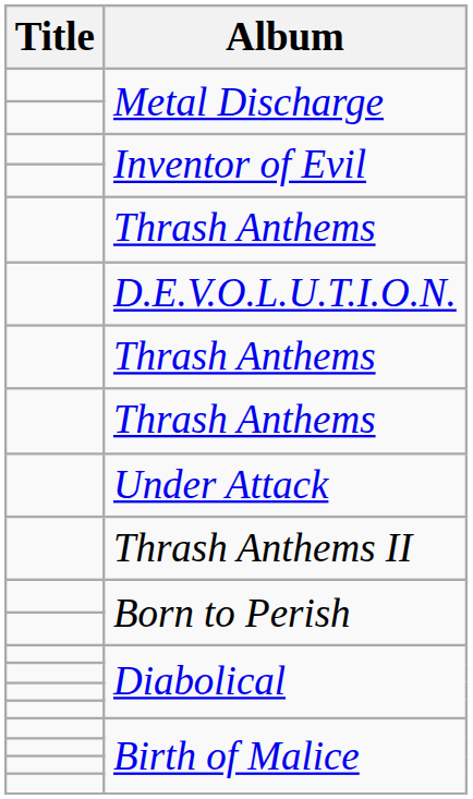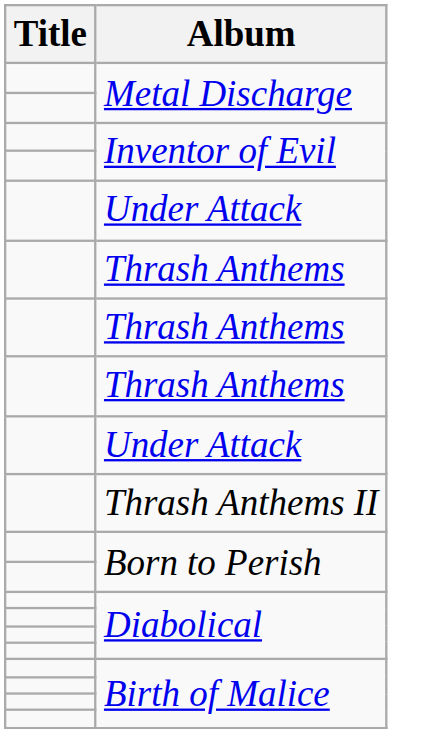 <table class="wikitable" border="2">
 <tr>
 <th>Title</th>
 <th>Album</th>
 </tr>
 <tr>
 <td></td>
 <td rowspan="2"><em><a href='#'>Metal Discharge</a></em></td>
 </tr>
 <tr>
 <td></td>
 </tr>
 <tr>
 <td></td>
 <td rowspan="2"><em><a href='#'>Inventor of Evil</a></em></td>
 </tr>
 <tr>
 <td></td>
 </tr>
 <tr>
 <td></td>
-<td><em><a href='#'>Thrash Anthems</a></em></td>
+<td><em><a href='#'>Under Attack</a></em></td>
 </tr>
 <tr>
 <td></td>
-<td><em><a href='#'>D.E.V.O.L.U.T.I.O.N.</a></em></td>
+<td><em><a href='#'>Thrash Anthems</a></em></td>
 </tr>
 <tr>
 <td></td>
 <td><em><a href='#'>Thrash Anthems</a></em></td>
 </tr>
 <tr>
 <td></td>
 <td><em><a href='#'>Thrash Anthems</a></em></td>
 </tr>
 <tr>
 <td></td>
 <td><em><a href='#'>Under Attack</a></em></td>
 </tr>
 <tr>
 <td></td>
 <td><em>Thrash Anthems II</em></td>
 </tr>
 <tr>
 <td></td>
 <td rowspan="2"><em>Born to Perish</em></td>
 </tr>
 <tr>
 <td></td>
 </tr>
 <tr>
 <td></td>
 <td rowspan="4"><em><a href='#'>Diabolical</a></em></td>
 </tr>
 <tr>
 <td></td>
 </tr>
 <tr>
 <td></td>
 </tr>
 <tr>
 <td></td>
 </tr>
 <tr>
 <td></td>
 <td rowspan="4"><em><a href='#'>Birth of Malice</a></em></td>
 </tr>
 <tr>
 <td></td>
 </tr>
 <tr>
 <td></td>
 </tr>
 <tr>
 <td></td>
 </tr>
 <tr>
 </tr>
 </table>
